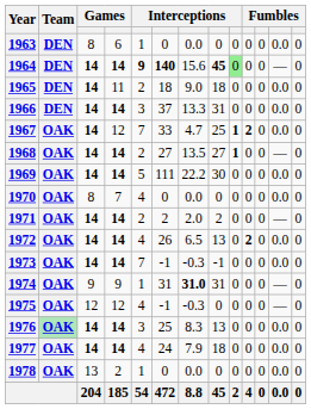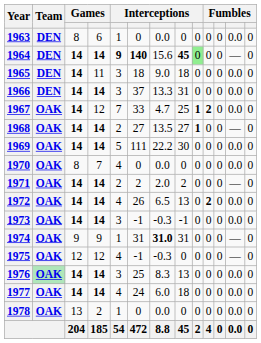 <table class="wikitable" style="text-align:center;">
 <tr>
 <th rowspan="2">Year</th>
 <th rowspan="2">Team</th>
 <th colspan="2">Games</th>
 <th colspan="5">Interceptions</th>
 <th colspan="4">Fumbles</th>
 </tr>
 <tr>
 <th></th>
 <th></th>
 <th></th>
 <th></th>
 <th></th>
 <th></th>
 <th></th>
 <th></th>
 <th></th>
 <th></th>
 <th></th>
 </tr>
 <tr>
 <th><a href='#'>1963</a></th>
 <th><a href='#'>DEN</a></th>
 <td>8</td>
 <td>6</td>
 <td>1</td>
 <td>0</td>
 <td>0.0</td>
 <td>0</td>
 <td>0</td>
 <td>0</td>
 <td>0</td>
 <td>0.0</td>
 <td>0</td>
 </tr>
 <tr>
 <th><a href='#'>1964</a></th>
 <th><a href='#'>DEN</a></th>
 <td><strong>14</strong></td>
 <td><strong>14</strong></td>
 <td><strong>9</strong></td>
 <td><strong>140</strong></td>
 <td>15.6</td>
 <td><strong>45</strong></td>
 <td style="background: lightgreen;">0</td>
 <td>0</td>
 <td>0</td>
 <td>—</td>
 <td>0</td>
 </tr>
 <tr>
 <th><a href='#'>1965</a></th>
 <th><a href='#'>DEN</a></th>
 <td><strong>14</strong></td>
 <td>11</td>
-<td>2</td>
+<td>3</td>
 <td>18</td>
 <td>9.0</td>
 <td>18</td>
 <td>0</td>
 <td>0</td>
 <td>0</td>
 <td>0.0</td>
 <td>0</td>
 </tr>
 <tr>
 <th><a href='#'>1966</a></th>
 <th><a href='#'>DEN</a></th>
 <td><strong>14</strong></td>
 <td><strong>14</strong></td>
 <td>3</td>
 <td>37</td>
 <td>13.3</td>
 <td>31</td>
 <td>0</td>
 <td>0</td>
 <td>0</td>
 <td>0.0</td>
 <td>0</td>
 </tr>
 <tr>
 <th><a href='#'>1967</a></th>
 <th><a href='#'>OAK</a></th>
 <td><strong>14</strong></td>
 <td>12</td>
 <td>7</td>
 <td>33</td>
 <td>4.7</td>
 <td>25</td>
 <td><strong>1</strong></td>
 <td><strong>2</strong></td>
 <td>0</td>
 <td>0.0</td>
 <td>0</td>
 </tr>
 <tr>
 <th><a href='#'>1968</a></th>
 <th><a href='#'>OAK</a></th>
 <td><strong>14</strong></td>
 <td><strong>14</strong></td>
 <td>2</td>
 <td>27</td>
 <td>13.5</td>
 <td>27</td>
 <td><strong>1</strong></td>
 <td>0</td>
 <td>0</td>
 <td>—</td>
 <td>0</td>
 </tr>
 <tr>
 <th><a href='#'>1969</a></th>
 <th><a href='#'>OAK</a></th>
 <td><strong>14</strong></td>
 <td><strong>14</strong></td>
 <td>5</td>
 <td>111</td>
 <td>22.2</td>
 <td>30</td>
 <td>0</td>
 <td>0</td>
 <td>0</td>
 <td>0.0</td>
 <td>0</td>
 </tr>
 <tr>
 <th><a href='#'>1970</a></th>
 <th><a href='#'>OAK</a></th>
 <td>8</td>
 <td>7</td>
 <td>4</td>
 <td>0</td>
 <td>0.0</td>
 <td>0</td>
 <td>0</td>
 <td>0</td>
 <td>0</td>
 <td>0.0</td>
 <td>0</td>
 </tr>
 <tr>
 <th><a href='#'>1971</a></th>
 <th><a href='#'>OAK</a></th>
 <td><strong>14</strong></td>
 <td><strong>14</strong></td>
 <td>2</td>
 <td>2</td>
 <td>2.0</td>
 <td>2</td>
 <td>0</td>
 <td>0</td>
 <td>0</td>
 <td>—</td>
 <td>0</td>
 </tr>
 <tr>
 <th><a href='#'>1972</a></th>
 <th><a href='#'>OAK</a></th>
 <td><strong>14</strong></td>
 <td><strong>14</strong></td>
 <td>4</td>
 <td>26</td>
 <td>6.5</td>
 <td>13</td>
 <td>0</td>
 <td><strong>2</strong></td>
 <td>0</td>
 <td>0.0</td>
 <td>0</td>
 </tr>
 <tr>
 <th><a href='#'>1973</a></th>
 <th><a href='#'>OAK</a></th>
 <td><strong>14</strong></td>
 <td><strong>14</strong></td>
-<td>7</td>
+<td>3</td>
 <td>-1</td>
 <td>-0.3</td>
 <td>-1</td>
 <td>0</td>
 <td>0</td>
 <td>0</td>
 <td>0.0</td>
 <td>0</td>
 </tr>
 <tr>
 <th><a href='#'>1974</a></th>
 <th><a href='#'>OAK</a></th>
 <td>9</td>
 <td>9</td>
 <td>1</td>
 <td>31</td>
 <td><strong>31.0</strong></td>
 <td>31</td>
 <td>0</td>
 <td>0</td>
 <td>0</td>
 <td>—</td>
 <td>0</td>
 </tr>
 <tr>
 <th><a href='#'>1975</a></th>
 <th><a href='#'>OAK</a></th>
 <td>12</td>
 <td>12</td>
 <td>4</td>
 <td>-1</td>
 <td>-0.3</td>
 <td>0</td>
 <td>0</td>
 <td>0</td>
 <td>0</td>
 <td>—</td>
 <td>0</td>
 </tr>
 <tr>
 <th><a href='#'>1976</a></th>
 <th style="background:#afe6ba;"><a href='#'>OAK</a></th>
 <td><strong>14</strong></td>
 <td><strong>14</strong></td>
 <td>3</td>
 <td>25</td>
 <td>8.3</td>
 <td>13</td>
 <td>0</td>
 <td>0</td>
 <td>0</td>
 <td>0.0</td>
 <td>0</td>
 </tr>
 <tr>
 <th><a href='#'>1977</a></th>
 <th><a href='#'>OAK</a></th>
 <td><strong>14</strong></td>
 <td><strong>14</strong></td>
 <td>4</td>
 <td>24</td>
-<td>7.9</td>
+<td>6.0</td>
 <td>18</td>
 <td>0</td>
 <td>0</td>
 <td>0</td>
 <td>0.0</td>
 <td>0</td>
 </tr>
 <tr>
 <th><a href='#'>1978</a></th>
 <th><a href='#'>OAK</a></th>
 <td>13</td>
 <td>2</td>
 <td>1</td>
 <td>0</td>
 <td>0.0</td>
 <td>0</td>
 <td>0</td>
 <td>0</td>
 <td>0</td>
 <td>0.0</td>
 <td>0</td>
 </tr>
 <tr>
 <th colspan="2"></th>
 <th>204</th>
 <th>185</th>
 <th>54</th>
 <th>472</th>
 <th>8.8</th>
 <th>45</th>
 <th>2</th>
 <th>4</th>
 <th>0</th>
 <th>0.0</th>
 <th>0</th>
 </tr>
 </table>
